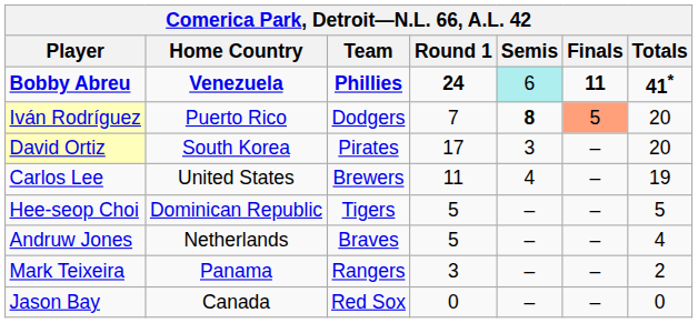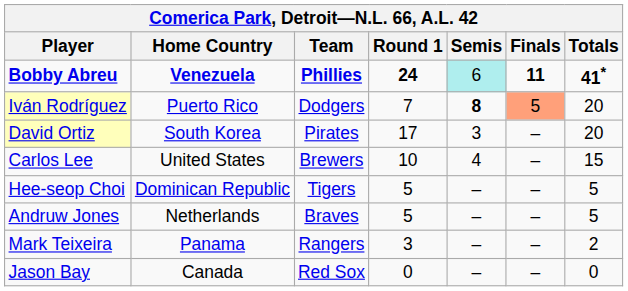 <table class="wikitable" style="text-align:right;">
 <tr>
 <th colspan="7"><a href='#'>Comerica Park</a>, Detroit—N.L. 66, A.L. 42</th>
 </tr>
 <tr>
 <th>Player</th>
 <th>Home Country</th>
 <th>Team</th>
 <th>Round 1</th>
 <th>Semis</th>
 <th>Finals</th>
 <th>Totals</th>
 </tr>
 <tr>
 <td align="left"><strong><a href='#'>Bobby Abreu</a></strong></td>
 <td style="text-align:center;"><strong><a href='#'>Venezuela</a></strong></td>
 <td style="text-align:center;"><strong><a href='#'>Phillies</a></strong></td>
 <td style="text-align:center;"><strong>24</strong></td>
 <td style="background: paleturquoise; text-align:center;">6</td>
 <td style="text-align:center;"><strong>11</strong></td>
 <td style="text-align:center;"><strong>41<sup>*</sup></strong></td>
 </tr>
 <tr>
 <td align="left" style="background:#ffb"><a href='#'>Iván Rodríguez</a></td>
 <td style="text-align:center;"><a href='#'>Puerto Rico</a></td>
 <td style="text-align:center;"><a href='#'>Dodgers</a></td>
 <td style="text-align:center;">7</td>
 <td style="text-align:center;"><strong>8</strong></td>
 <td style="background: lightsalmon; text-align:center;">5</td>
 <td style="text-align:center;">20</td>
 </tr>
 <tr>
 <td align="left" style="background:#ffb"><a href='#'>David Ortiz</a></td>
 <td style="text-align:center;"><a href='#'>South Korea</a></td>
 <td style="text-align:center;"><a href='#'>Pirates</a></td>
 <td style="text-align:center;">17</td>
 <td style="text-align:center;">3</td>
 <td style="text-align:center;">–</td>
 <td style="text-align:center;">20</td>
 </tr>
 <tr>
 <td align="left"><a href='#'>Carlos Lee</a></td>
 <td style="text-align:center;">United States</td>
 <td style="text-align:center;"><a href='#'>Brewers</a></td>
-<td style="text-align:center;">11</td>
+<td style="text-align:center;">10</td>
 <td style="text-align:center;">4</td>
 <td style="text-align:center;">–</td>
-<td style="text-align:center;">19</td>
+<td style="text-align:center;">15</td>
 </tr>
 <tr>
 <td align="left"><a href='#'>Hee-seop Choi</a></td>
 <td style="text-align:center;"><a href='#'>Dominican Republic</a></td>
 <td style="text-align:center;"><a href='#'>Tigers</a></td>
 <td style="text-align:center;">5</td>
 <td style="text-align:center;">–</td>
 <td style="text-align:center;">–</td>
 <td style="text-align:center;">5</td>
 </tr>
 <tr>
 <td align="left"><a href='#'>Andruw Jones</a></td>
 <td style="text-align:center;">Netherlands</td>
 <td style="text-align:center;"><a href='#'>Braves</a></td>
 <td style="text-align:center;">5</td>
 <td style="text-align:center;">–</td>
 <td style="text-align:center;">–</td>
-<td style="text-align:center;">4</td>
+<td style="text-align:center;">5</td>
 </tr>
 <tr>
 <td align="left"><a href='#'>Mark Teixeira</a></td>
 <td style="text-align:center;"><a href='#'>Panama</a></td>
 <td style="text-align:center;"><a href='#'>Rangers</a></td>
 <td style="text-align:center;">3</td>
 <td style="text-align:center;">–</td>
 <td style="text-align:center;">–</td>
 <td style="text-align:center;">2</td>
 </tr>
 <tr>
 <td align="left"><a href='#'>Jason Bay</a></td>
 <td style="text-align:center;">Canada</td>
 <td style="text-align:center;"><a href='#'>Red Sox</a></td>
 <td style="text-align:center;">0</td>
 <td style="text-align:center;">–</td>
 <td style="text-align:center;">–</td>
 <td style="text-align:center;">0</td>
 </tr>
 </table>
